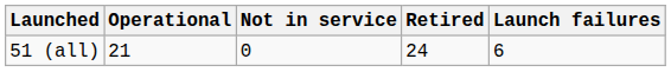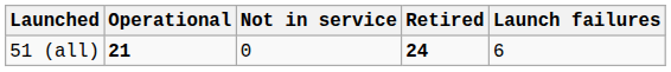 <table class="wikitable">
 <tr>
 <th>Launched</th>
 <th>Operational</th>
 <th>Not in service</th>
 <th>Retired</th>
 <th>Launch failures</th>
 </tr>
 <tr>
 <td>51 (all)</td>
-<td>21</td>
+<td><strong>21</strong></td>
 <td>0</td>
-<td>24</td>
+<td><strong>24</strong></td>
 <td>6</td>
 </tr>
 </table>
